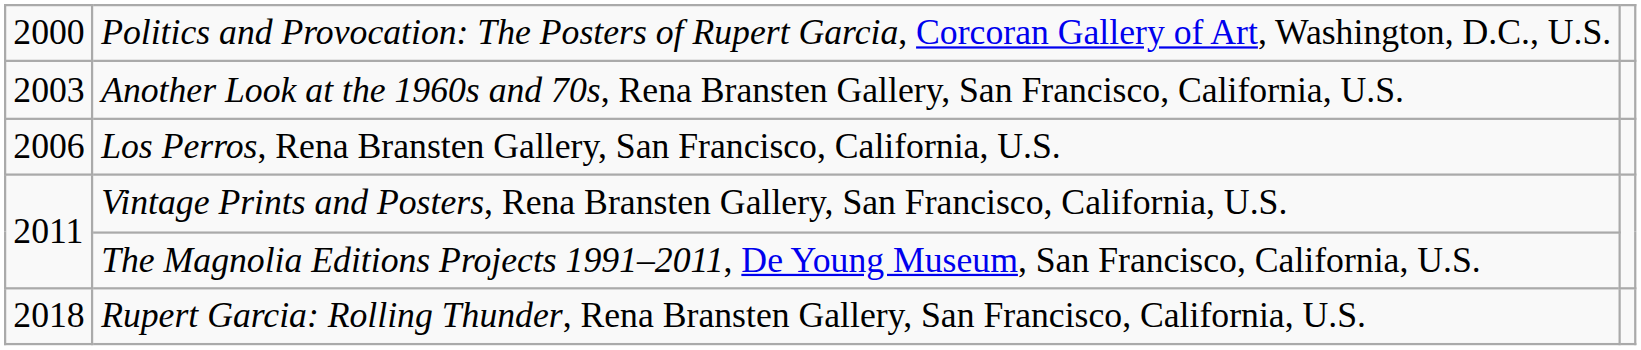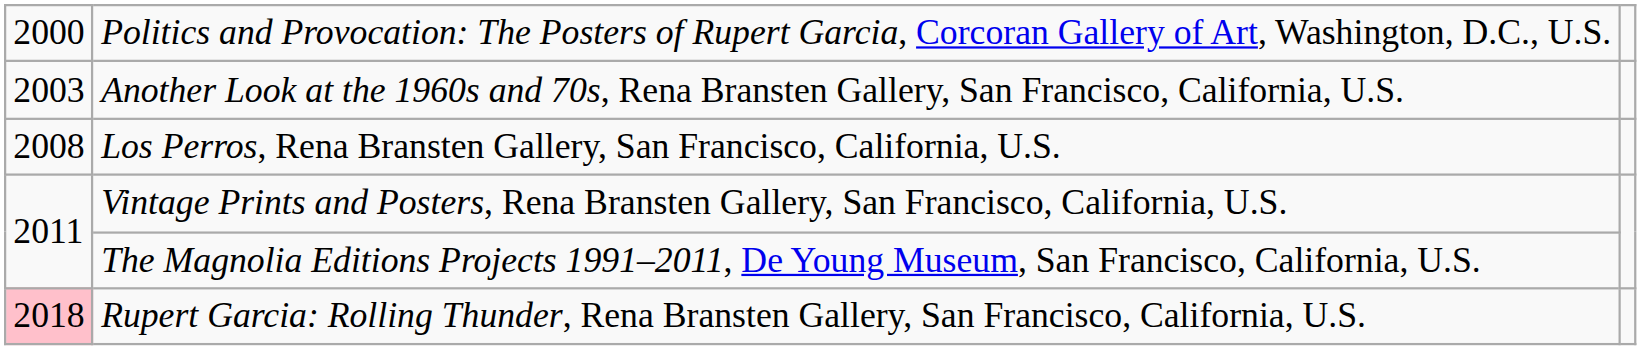 <table class="wikitable">
 <tr>
 <td>2000</td>
 <td><em>Politics and Provocation: The Posters of Rupert Garcia</em>, <a href='#'>Corcoran Gallery of Art</a>, Washington, D.C., U.S.</td>
 <td></td>
 </tr>
 <tr>
 <td>2003</td>
 <td><em>Another Look at the 1960s and 70s</em>, Rena Bransten Gallery, San Francisco, California, U.S.</td>
 <td></td>
 </tr>
 <tr>
-<td>2006</td>
+<td>2008</td>
 <td><em>Los Perros</em>, Rena Bransten Gallery, San Francisco, California, U.S.</td>
 <td></td>
 </tr>
 <tr>
 <td rowspan="2">2011</td>
 <td><em>Vintage Prints and Posters</em>, Rena Bransten Gallery, San Francisco, California, U.S.</td>
 <td rowspan="2"></td>
 </tr>
 <tr>
 <td><em>The Magnolia Editions Projects 1991–2011</em>, <a href='#'>De Young Museum</a>, San Francisco, California, U.S.</td>
 </tr>
 <tr>
-<td>2018</td>
+<td style="background: pink;">2018</td>
 <td><em>Rupert Garcia: Rolling Thunder</em>, Rena Bransten Gallery, San Francisco, California, U.S.</td>
 <td></td>
 </tr>
 </table>
